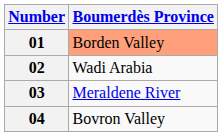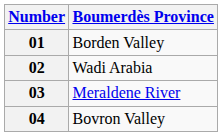 <table class="wikitable sortable">
 <tr>
 <th><a href='#'>Number</a></th>
 <th><a href='#'>Boumerdès Province</a></th>
 </tr>
 <tr>
 <th>01</th>
-<td style="background: lightsalmon;">Borden Valley</td>
+<td>Borden Valley</td>
 </tr>
 <tr>
 <th>02</th>
 <td>Wadi Arabia</td>
 </tr>
 <tr>
 <th>03</th>
 <td><a href='#'>Meraldene River</a></td>
 </tr>
 <tr>
 <th>04</th>
 <td>Bovron Valley</td>
 </tr>
 </table>
